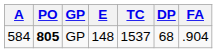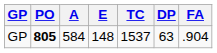 <table class="wikitable">
 <tr>
+<th><a href='#'>GP</a></th>
+<th><a href='#'>PO</a></th>
 <th><a href='#'>A</a></th>
-<th><a href='#'>PO</a></th>
-<th><a href='#'>GP</a></th>
 <th><a href='#'>E</a></th>
 <th><a href='#'>TC</a></th>
 <th><a href='#'>DP</a></th>
 <th><a href='#'>FA</a></th>
 </tr>
 <tr align=center>
+<td>GP</td>
+<td><strong>805</strong></td>
 <td>584</td>
-<td><strong>805</strong></td>
-<td>GP</td>
 <td>148</td>
 <td>1537</td>
-<td>68</td>
+<td>63</td>
 <td>.904</td>
 </tr>
 </table>
